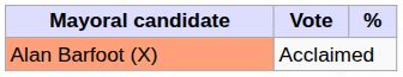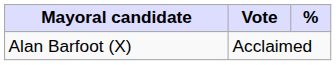 <table class="wikitable">
 <tr>
 <th style="background:#ddf; width:200px;">Mayoral candidate </th>
 <th style="background:#ddf; width:50px;">Vote</th>
 <th style="background:#ddf; width:30px;">%</th>
 </tr>
 <tr>
-<td style="background: lightsalmon;">Alan Barfoot (X)</td>
+<td>Alan Barfoot (X)</td>
 <td colspan="2">Acclaimed</td>
 </tr>
 </table>
